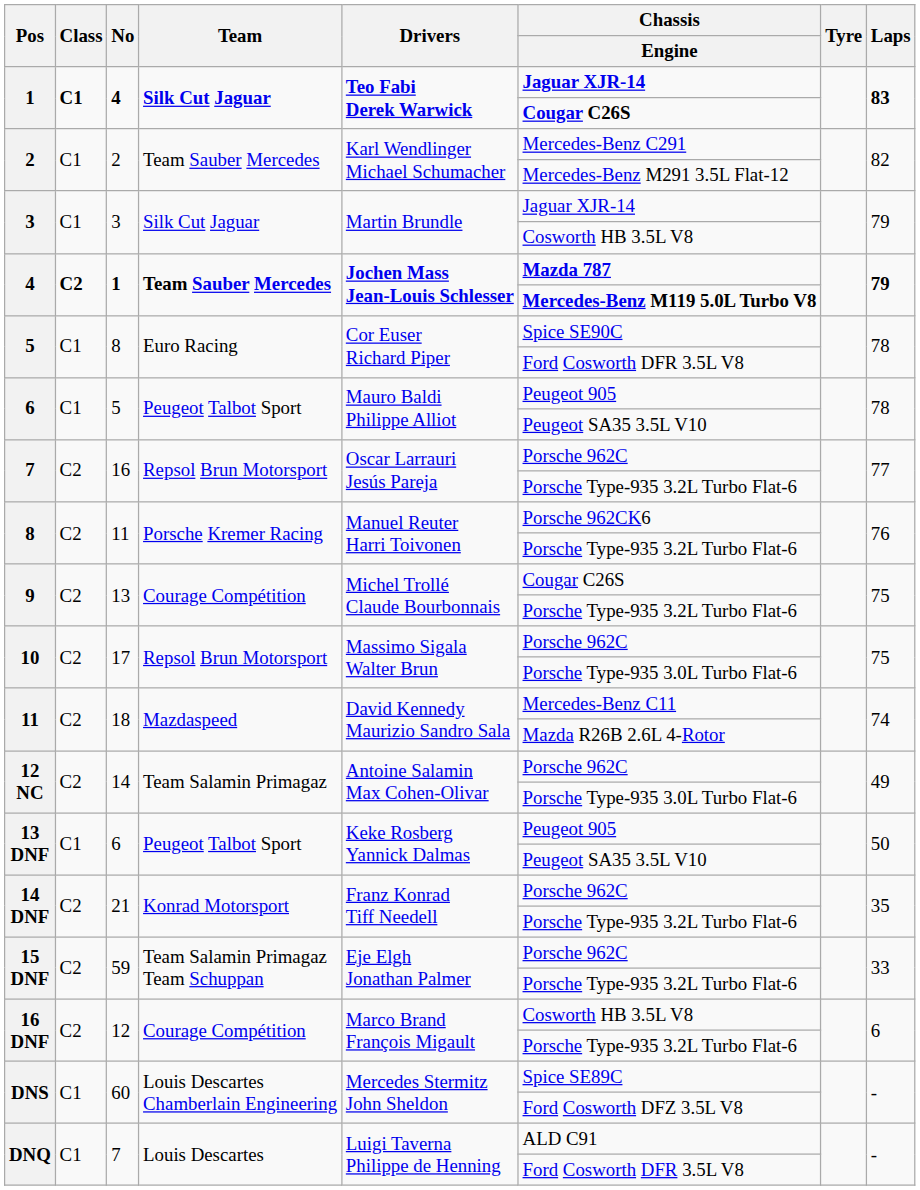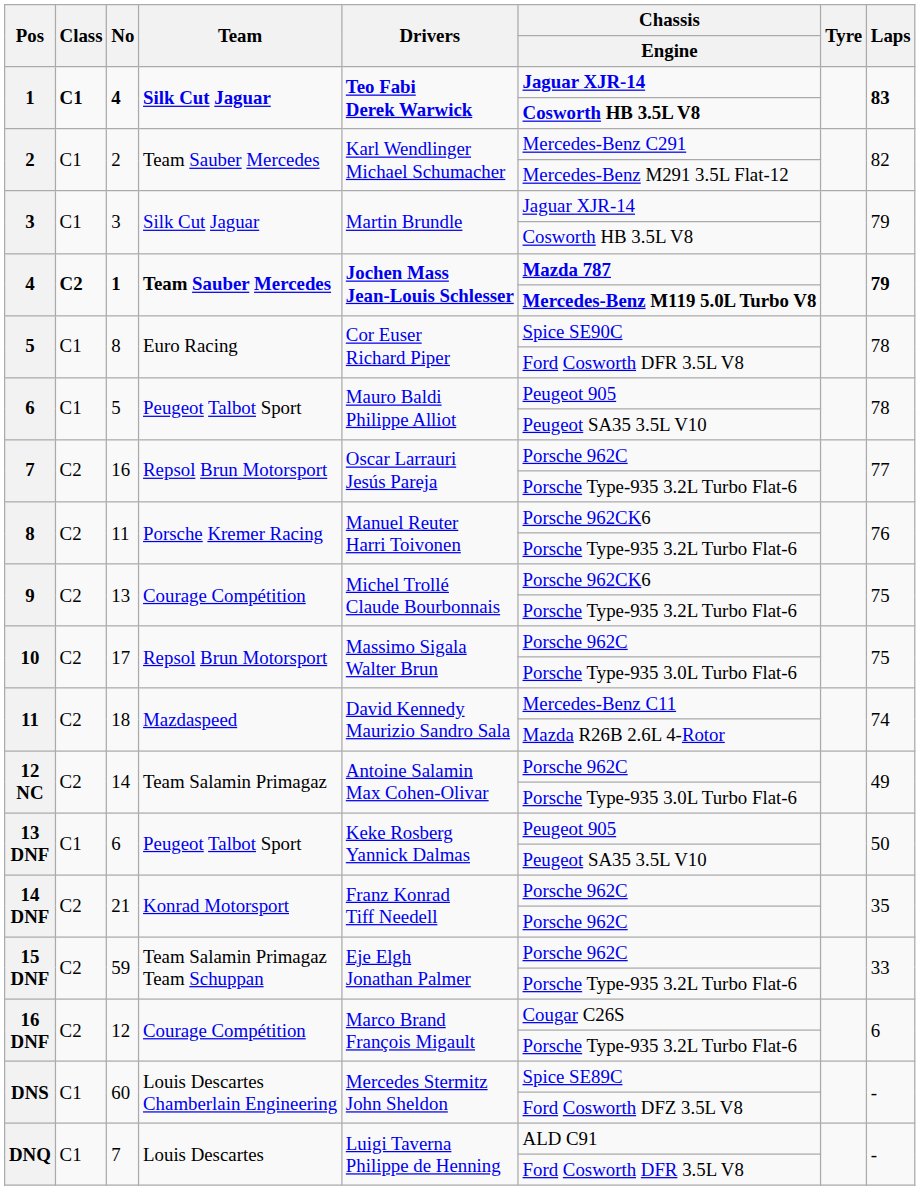 <table class="wikitable" style="font-size: 95%;">
 <tr>
 <th rowspan=2>Pos</th>
 <th rowspan=2>Class</th>
 <th rowspan=2>No</th>
 <th rowspan=2>Team</th>
 <th rowspan=2>Drivers</th>
 <th>Chassis</th>
 <th rowspan=2>Tyre</th>
 <th rowspan=2>Laps</th>
 </tr>
 <tr>
 <th>Engine</th>
 </tr>
 <tr style="font-weight:bold">
 <th rowspan=2>1</th>
 <td rowspan=2>C1</td>
 <td rowspan=2>4</td>
 <td rowspan=2> <a href='#'>Silk Cut</a> <a href='#'>Jaguar</a></td>
 <td rowspan=2> <a href='#'>Teo Fabi</a><br> <a href='#'>Derek Warwick</a></td>
 <td><a href='#'>Jaguar XJR-14</a></td>
 <td rowspan=2></td>
 <td rowspan=2>83</td>
 </tr>
 <tr style="font-weight:bold">
-<td><a href='#'>Cougar</a> C26S</td>
+<td><a href='#'>Cosworth</a> HB 3.5L V8</td>
 </tr>
 <tr>
 <th rowspan=2>2</th>
 <td rowspan=2>C1</td>
 <td rowspan=2>2</td>
 <td rowspan=2> Team <a href='#'>Sauber</a> <a href='#'>Mercedes</a></td>
 <td rowspan=2> <a href='#'>Karl Wendlinger</a><br> <a href='#'>Michael Schumacher</a></td>
 <td><a href='#'>Mercedes-Benz C291</a></td>
 <td rowspan=2></td>
 <td rowspan=2>82</td>
 </tr>
 <tr>
 <td><a href='#'>Mercedes-Benz</a> M291 3.5L Flat-12</td>
 </tr>
 <tr>
 <th rowspan=2>3</th>
 <td rowspan=2>C1</td>
 <td rowspan=2>3</td>
 <td rowspan=2> <a href='#'>Silk Cut</a> <a href='#'>Jaguar</a></td>
 <td rowspan=2> <a href='#'>Martin Brundle</a></td>
 <td><a href='#'>Jaguar XJR-14</a></td>
 <td rowspan=2></td>
 <td rowspan=2>79</td>
 </tr>
 <tr>
 <td><a href='#'>Cosworth</a> HB 3.5L V8</td>
 </tr>
 <tr style="font-weight:bold">
 <th rowspan=2>4</th>
 <td rowspan=2>C2</td>
 <td rowspan=2>1</td>
 <td rowspan=2> Team <a href='#'>Sauber</a> <a href='#'>Mercedes</a></td>
 <td rowspan=2> <a href='#'>Jochen Mass</a><br> <a href='#'>Jean-Louis Schlesser</a></td>
 <td><a href='#'>Mazda 787</a></td>
 <td rowspan=2></td>
 <td rowspan=2>79</td>
 </tr>
 <tr style="font-weight:bold">
 <td><a href='#'>Mercedes-Benz</a> M119 5.0L Turbo V8</td>
 </tr>
 <tr>
 <th rowspan=2>5</th>
 <td rowspan=2>C1</td>
 <td rowspan=2>8</td>
 <td rowspan=2> Euro Racing</td>
 <td rowspan=2> <a href='#'>Cor Euser</a><br> <a href='#'>Richard Piper</a></td>
 <td><a href='#'>Spice SE90C</a></td>
 <td rowspan=2></td>
 <td rowspan=2>78</td>
 </tr>
 <tr>
 <td><a href='#'>Ford</a> <a href='#'>Cosworth</a> DFR 3.5L V8</td>
 </tr>
 <tr>
 <th rowspan=2>6</th>
 <td rowspan=2>C1</td>
 <td rowspan=2>5</td>
 <td rowspan=2> <a href='#'>Peugeot</a> <a href='#'>Talbot</a> Sport</td>
 <td rowspan=2> <a href='#'>Mauro Baldi</a><br> <a href='#'>Philippe Alliot</a></td>
 <td><a href='#'>Peugeot 905</a></td>
 <td rowspan=2></td>
 <td rowspan=2>78</td>
 </tr>
 <tr>
 <td><a href='#'>Peugeot</a> SA35 3.5L V10</td>
 </tr>
 <tr>
 <th rowspan=2>7</th>
 <td rowspan=2>C2</td>
 <td rowspan=2>16</td>
 <td rowspan=2> <a href='#'>Repsol</a> <a href='#'>Brun Motorsport</a></td>
 <td rowspan=2> <a href='#'>Oscar Larrauri</a><br> <a href='#'>Jesús Pareja</a></td>
 <td><a href='#'>Porsche 962C</a></td>
 <td rowspan=2></td>
 <td rowspan=2>77</td>
 </tr>
 <tr>
 <td><a href='#'>Porsche</a> Type-935 3.2L Turbo Flat-6</td>
 </tr>
 <tr>
 <th rowspan=2>8</th>
 <td rowspan=2>C2</td>
 <td rowspan=2>11</td>
 <td rowspan=2> <a href='#'>Porsche</a> <a href='#'>Kremer Racing</a></td>
 <td rowspan=2> <a href='#'>Manuel Reuter</a><br> <a href='#'>Harri Toivonen</a></td>
 <td><a href='#'>Porsche 962CK</a>6</td>
 <td rowspan=2></td>
 <td rowspan=2>76</td>
 </tr>
 <tr>
 <td><a href='#'>Porsche</a> Type-935 3.2L Turbo Flat-6</td>
 </tr>
 <tr>
 <th rowspan=2>9</th>
 <td rowspan=2>C2</td>
 <td rowspan=2>13</td>
 <td rowspan=2> <a href='#'>Courage Compétition</a></td>
 <td rowspan=2> <a href='#'>Michel Trollé</a><br> <a href='#'>Claude Bourbonnais</a></td>
-<td><a href='#'>Cougar</a> C26S</td>
+<td><a href='#'>Porsche 962CK</a>6</td>
 <td rowspan=2></td>
 <td rowspan=2>75</td>
 </tr>
 <tr>
 <td><a href='#'>Porsche</a> Type-935 3.2L Turbo Flat-6</td>
 </tr>
 <tr>
 <th rowspan=2>10</th>
 <td rowspan=2>C2</td>
 <td rowspan=2>17</td>
 <td rowspan=2> <a href='#'>Repsol</a> <a href='#'>Brun Motorsport</a></td>
 <td rowspan=2> <a href='#'>Massimo Sigala</a><br> <a href='#'>Walter Brun</a></td>
 <td><a href='#'>Porsche 962C</a></td>
 <td rowspan=2></td>
 <td rowspan=2>75</td>
 </tr>
 <tr>
 <td><a href='#'>Porsche</a> Type-935 3.0L Turbo Flat-6</td>
 </tr>
 <tr>
 <th rowspan=2>11</th>
 <td rowspan=2>C2</td>
 <td rowspan=2>18</td>
 <td rowspan=2> <a href='#'>Mazdaspeed</a></td>
 <td rowspan=2> <a href='#'>David Kennedy</a><br> <a href='#'>Maurizio Sandro Sala</a></td>
 <td><a href='#'>Mercedes-Benz C11</a></td>
 <td rowspan=2></td>
 <td rowspan=2>74</td>
 </tr>
 <tr>
 <td><a href='#'>Mazda</a> R26B 2.6L 4-<a href='#'>Rotor</a></td>
 </tr>
 <tr>
 <th rowspan=2>12<br>NC</th>
 <td rowspan=2>C2</td>
 <td rowspan=2>14</td>
 <td rowspan=2> Team Salamin Primagaz</td>
 <td rowspan=2> <a href='#'>Antoine Salamin</a><br> <a href='#'>Max Cohen-Olivar</a></td>
 <td><a href='#'>Porsche 962C</a></td>
 <td rowspan=2></td>
 <td rowspan=2>49</td>
 </tr>
 <tr>
 <td><a href='#'>Porsche</a> Type-935 3.0L Turbo Flat-6</td>
 </tr>
 <tr>
 <th rowspan=2>13<br>DNF</th>
 <td rowspan=2>C1</td>
 <td rowspan=2>6</td>
 <td rowspan=2> <a href='#'>Peugeot</a> <a href='#'>Talbot</a> Sport</td>
 <td rowspan=2> <a href='#'>Keke Rosberg</a><br> <a href='#'>Yannick Dalmas</a></td>
 <td><a href='#'>Peugeot 905</a></td>
 <td rowspan=2></td>
 <td rowspan=2>50</td>
 </tr>
 <tr>
 <td><a href='#'>Peugeot</a> SA35 3.5L V10</td>
 </tr>
 <tr>
 <th rowspan=2>14<br>DNF</th>
 <td rowspan=2>C2</td>
 <td rowspan=2>21</td>
 <td rowspan=2> <a href='#'>Konrad Motorsport</a></td>
 <td rowspan=2> <a href='#'>Franz Konrad</a><br> <a href='#'>Tiff Needell</a></td>
 <td><a href='#'>Porsche 962C</a></td>
 <td rowspan=2></td>
 <td rowspan=2>35</td>
 </tr>
 <tr>
-<td><a href='#'>Porsche</a> Type-935 3.2L Turbo Flat-6</td>
+<td><a href='#'>Porsche 962C</a></td>
 </tr>
 <tr>
 <th rowspan=2>15<br>DNF</th>
 <td rowspan=2>C2</td>
 <td rowspan=2>59</td>
 <td rowspan=2> Team Salamin Primagaz<br> Team <a href='#'>Schuppan</a></td>
 <td rowspan=2> <a href='#'>Eje Elgh</a><br> <a href='#'>Jonathan Palmer</a></td>
 <td><a href='#'>Porsche 962C</a></td>
 <td rowspan=2></td>
 <td rowspan=2>33</td>
 </tr>
 <tr>
 <td><a href='#'>Porsche</a> Type-935 3.2L Turbo Flat-6</td>
 </tr>
 <tr>
 <th rowspan=2>16<br>DNF</th>
 <td rowspan=2>C2</td>
 <td rowspan=2>12</td>
 <td rowspan=2> <a href='#'>Courage Compétition</a></td>
 <td rowspan=2> <a href='#'>Marco Brand</a><br> <a href='#'>François Migault</a></td>
-<td><a href='#'>Cosworth</a> HB 3.5L V8</td>
+<td><a href='#'>Cougar</a> C26S</td>
 <td rowspan=2></td>
 <td rowspan=2>6</td>
 </tr>
 <tr>
 <td><a href='#'>Porsche</a> Type-935 3.2L Turbo Flat-6</td>
 </tr>
 <tr>
 <th rowspan=2>DNS</th>
 <td rowspan=2>C1</td>
 <td rowspan=2>60</td>
 <td rowspan=2> Louis Descartes<br> <a href='#'>Chamberlain Engineering</a></td>
 <td rowspan=2> <a href='#'>Mercedes Stermitz</a><br> <a href='#'>John Sheldon</a></td>
 <td><a href='#'>Spice SE89C</a></td>
 <td rowspan=2></td>
 <td rowspan=2>-</td>
 </tr>
 <tr>
 <td><a href='#'>Ford</a> <a href='#'>Cosworth</a> DFZ 3.5L V8</td>
 </tr>
 <tr>
 <th rowspan=2>DNQ</th>
 <td rowspan=2>C1</td>
 <td rowspan=2>7</td>
 <td rowspan=2> Louis Descartes</td>
 <td rowspan=2> <a href='#'>Luigi Taverna</a><br> <a href='#'>Philippe de Henning</a></td>
 <td>ALD C91</td>
 <td rowspan=2></td>
 <td rowspan=2>-</td>
 </tr>
 <tr>
 <td><a href='#'>Ford</a> <a href='#'>Cosworth</a> <a href='#'>DFR</a> 3.5L V8</td>
 </tr>
 </table>
